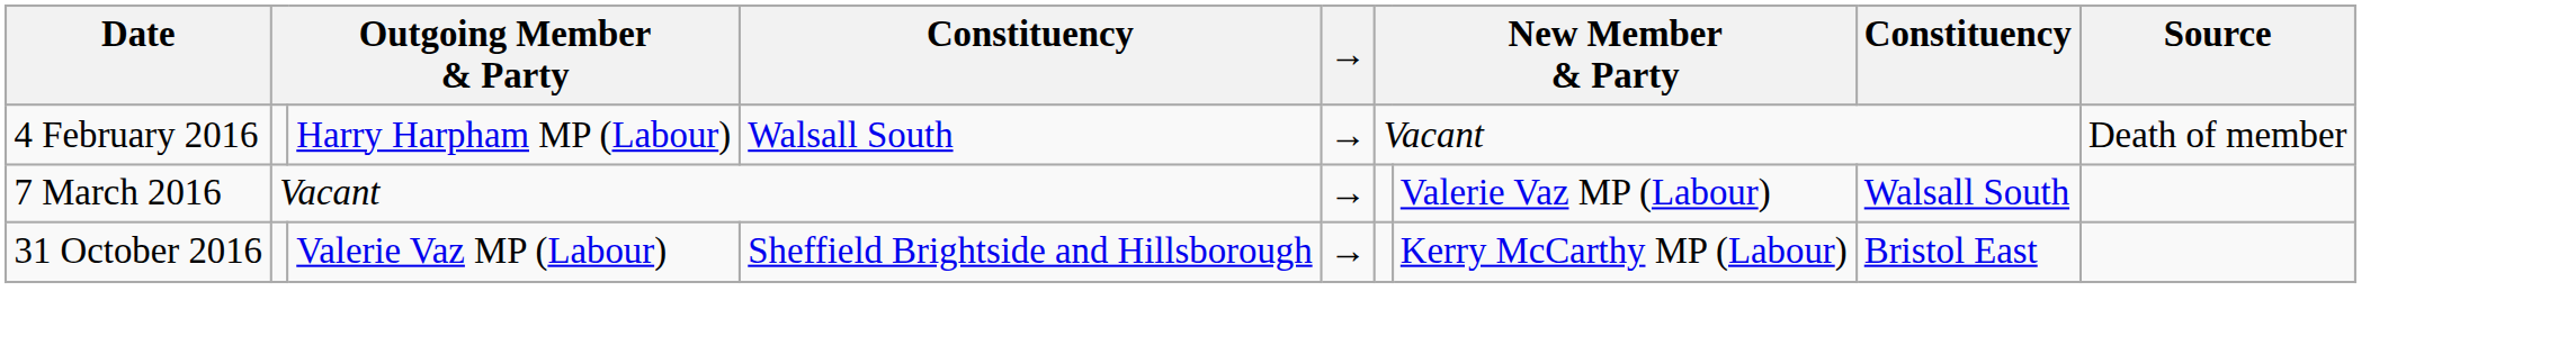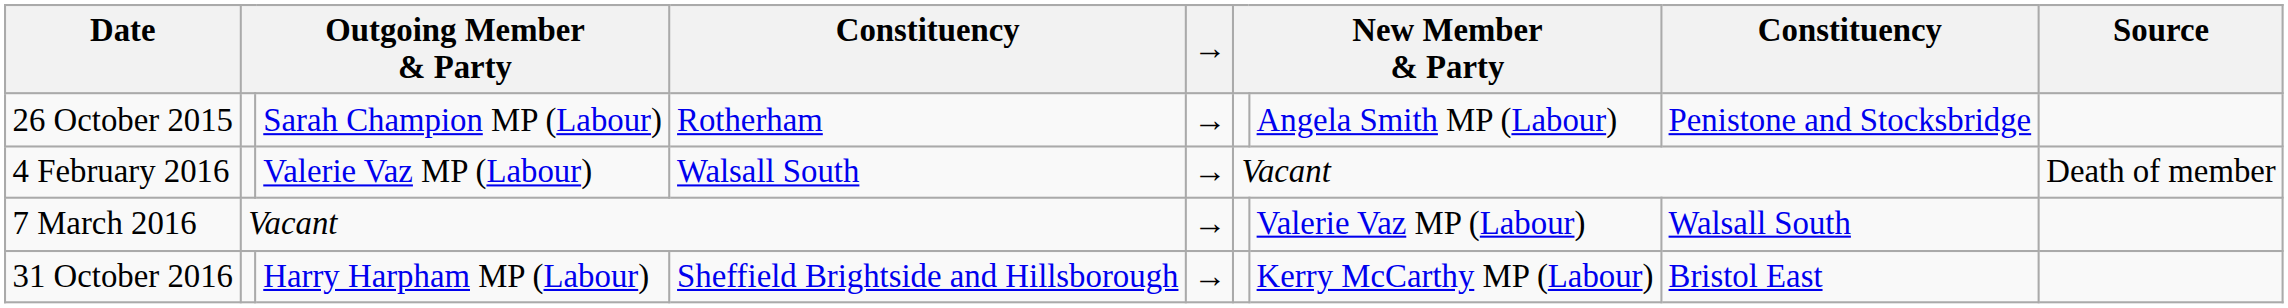 <table class="wikitable">
 <tr>
 <th valign="top">Date</th>
 <th colspan="2" valign="top">Outgoing Member<br>& Party</th>
 <th valign="top">Constituency</th>
 <th>→</th>
 <th colspan="2" valign="top">New Member<br>& Party</th>
 <th valign="top">Constituency</th>
 <th valign="top">Source</th>
 </tr>
 <tr>
+<td>26 October 2015</td>
+<td style="color:inherit;background:"></td>
+<td><a href='#'>Sarah Champion</a> MP (<a href='#'>Labour</a>)</td>
+<td><a href='#'>Rotherham</a></td>
+<td>→</td>
+<td style="color:inherit;background:"></td>
+<td><a href='#'>Angela Smith</a> MP (<a href='#'>Labour</a>)</td>
+<td><a href='#'>Penistone and Stocksbridge</a></td>
+<td></td>
+</tr>
+<tr>
 <td>4 February 2016</td>
 <td style="color:inherit;background:"></td>
-<td><a href='#'>Harry Harpham</a> MP (<a href='#'>Labour</a>)</td>
+<td><a href='#'>Valerie Vaz</a> MP (<a href='#'>Labour</a>)</td>
 <td><a href='#'>Walsall South</a></td>
 <td>→</td>
 <td colspan=3><em>Vacant</em></td>
 <td>Death of member</td>
 </tr>
 <tr>
 <td>7 March 2016</td>
 <td colspan=3><em>Vacant</em></td>
 <td>→</td>
 <td style="color:inherit;background:"></td>
 <td><a href='#'>Valerie Vaz</a> MP (<a href='#'>Labour</a>)</td>
 <td><a href='#'>Walsall South</a></td>
 <td></td>
 </tr>
 <tr>
 <td>31 October 2016</td>
 <td style="color:inherit;background:"></td>
-<td><a href='#'>Valerie Vaz</a> MP (<a href='#'>Labour</a>)</td>
+<td><a href='#'>Harry Harpham</a> MP (<a href='#'>Labour</a>)</td>
 <td><a href='#'>Sheffield Brightside and Hillsborough</a></td>
 <td>→</td>
 <td style="color:inherit;background:"></td>
 <td><a href='#'>Kerry McCarthy</a> MP (<a href='#'>Labour</a>)</td>
 <td><a href='#'>Bristol East</a></td>
 <td></td>
 </tr>
 </table>
